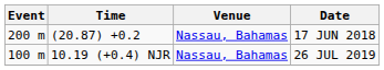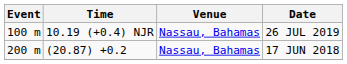 <table class="wikitable">
 <tr>
 <th>Event</th>
 <th>Time</th>
 <th>Venue</th>
 <th>Date</th>
 </tr>
 <tr>
+<td>100 m</td>
+<td>10.19 (+0.4) NJR</td>
+<td><a href='#'>Nassau, Bahamas</a></td>
+<td>26 JUL 2019</td>
+</tr>
+<tr>
 <td>200 m</td>
 <td>(20.87) +0.2</td>
 <td><a href='#'>Nassau, Bahamas</a></td>
 <td>17 JUN 2018</td>
 </tr>
 <tr>
-<td>100 m</td>
-<td>10.19 (+0.4) NJR</td>
-<td><a href='#'>Nassau, Bahamas</a></td>
-<td>26 JUL 2019</td>
-</tr>
-<tr>
 </tr>
 </table>
